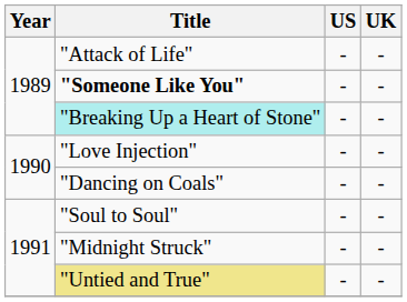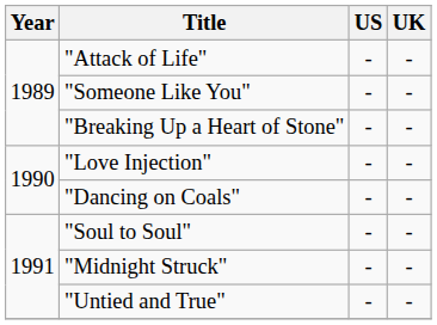 <table class="wikitable">
 <tr>
 <th>Year</th>
 <th>Title</th>
 <th>US</th>
 <th>UK</th>
 </tr>
 <tr>
 <td rowspan="3">1989</td>
 <td>"Attack of Life"</td>
 <td style="text-align:center;">-</td>
 <td style="text-align:center;">-</td>
 </tr>
 <tr>
-<td><strong>"Someone Like You"</strong></td>
+<td>"Someone Like You"</td>
 <td style="text-align:center;">-</td>
 <td style="text-align:center;">-</td>
 </tr>
 <tr>
-<td style="background: paleturquoise;">"Breaking Up a Heart of Stone"</td>
+<td>"Breaking Up a Heart of Stone"</td>
 <td style="text-align:center;">-</td>
 <td style="text-align:center;">-</td>
 </tr>
 <tr>
 <td rowspan="2">1990</td>
 <td>"Love Injection"</td>
 <td style="text-align:center;">-</td>
 <td style="text-align:center;">-</td>
 </tr>
 <tr>
 <td>"Dancing on Coals"</td>
 <td style="text-align:center;">-</td>
 <td style="text-align:center;">-</td>
 </tr>
 <tr>
 <td rowspan="3">1991</td>
 <td>"Soul to Soul"</td>
 <td style="text-align:center;">-</td>
 <td style="text-align:center;">-</td>
 </tr>
 <tr>
 <td>"Midnight Struck"</td>
 <td style="text-align:center;">-</td>
 <td style="text-align:center;">-</td>
 </tr>
 <tr>
-<td style="background: khaki;">"Untied and True"</td>
+<td>"Untied and True"</td>
 <td style="text-align:center;">-</td>
 <td style="text-align:center;">-</td>
 </tr>
 <tr>
 </tr>
 </table>
